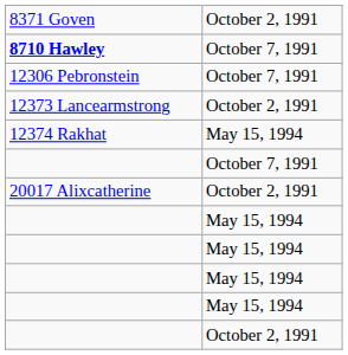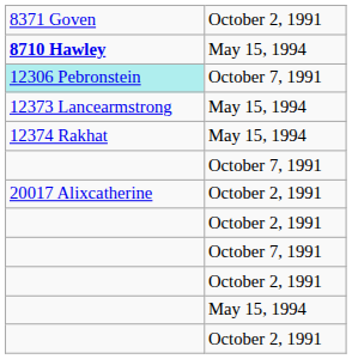 <table class="wikitable floatright" style="font-size: 0.9em; width: 280px;">
 <tr>
 <td><a href='#'>8371 Goven</a></td>
 <td>October 2, 1991</td>
 </tr>
 <tr>
 <td><strong><a href='#'>8710 Hawley</a></strong></td>
-<td>October 7, 1991</td>
+<td>May 15, 1994</td>
 </tr>
 <tr>
-<td><a href='#'>12306 Pebronstein</a></td>
+<td style="background: paleturquoise;"><a href='#'>12306 Pebronstein</a></td>
 <td>October 7, 1991</td>
 </tr>
 <tr>
 <td><a href='#'>12373 Lancearmstrong</a></td>
-<td>October 2, 1991</td>
+<td>May 15, 1994</td>
 </tr>
 <tr>
 <td><a href='#'>12374 Rakhat</a></td>
 <td>May 15, 1994</td>
 </tr>
 <tr>
 <td></td>
 <td>October 7, 1991</td>
 </tr>
 <tr>
 <td><a href='#'>20017 Alixcatherine</a></td>
 <td>October 2, 1991</td>
 </tr>
 <tr>
 <td></td>
-<td>May 15, 1994</td>
+<td>October 2, 1991</td>
 </tr>
 <tr>
 <td></td>
-<td>May 15, 1994</td>
+<td>October 7, 1991</td>
 </tr>
 <tr>
 <td></td>
-<td>May 15, 1994</td>
+<td>October 2, 1991</td>
 </tr>
 <tr>
 <td></td>
 <td>May 15, 1994</td>
 </tr>
 <tr>
 <td></td>
 <td>October 2, 1991</td>
 </tr>
 </table>
